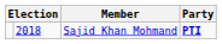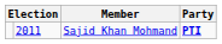 <table class="wikitable">
 <tr>
 <th colspan="2">Election</th>
 <th>Member</th>
 <th>Party</th>
 </tr>
 <tr>
 <td style="background-color: "></td>
-<td><a href='#'>2018</a></td>
+<td><a href='#'>2011</a></td>
 <td><a href='#'>Sajid Khan Mohmand</a></td>
 <td><strong><a href='#'>PTI</a></strong></td>
 </tr>
 </table>
